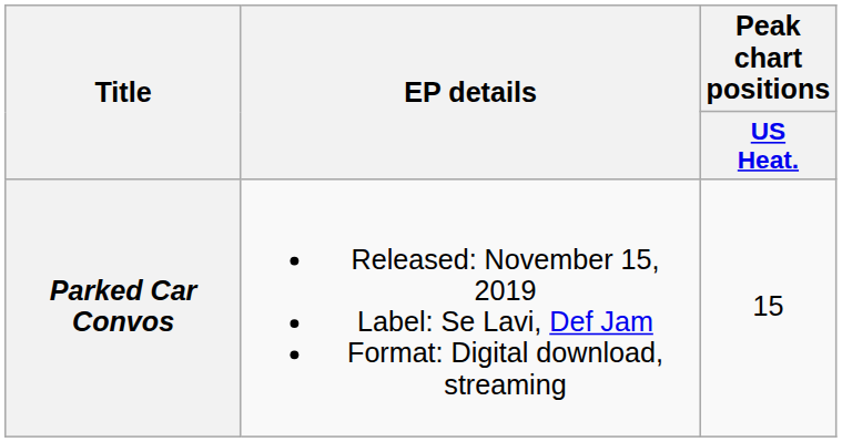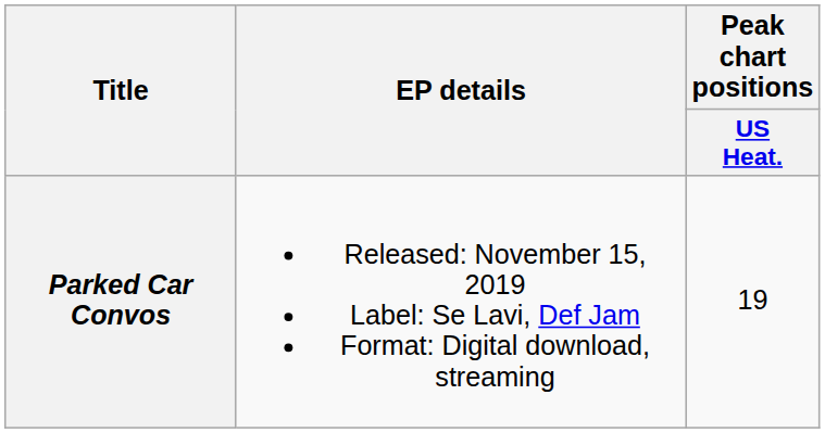 <table class="wikitable plainrowheaders" style="text-align:center;">
 <tr>
 <th scope="col" rowspan="2" style="width:8em;">Title</th>
 <th scope="col" rowspan="2" style="width:16em;">EP details</th>
 <th scope="col" colspan="1">Peak chart positions</th>
 </tr>
 <tr>
 <th scope="col" style="width:3em;font-size:90%;"><a href='#'>US<br>Heat.</a><br></th>
 </tr>
 <tr>
 <th scope="row"><em>Parked Car Convos</em></th>
 <td><br><ul><li>Released: November 15, 2019</li><li>Label: Se Lavi, <a href='#'>Def Jam</a></li><li>Format: Digital download, streaming</li></ul></td>
-<td>15</td>
+<td>19</td>
 </tr>
 </table>
